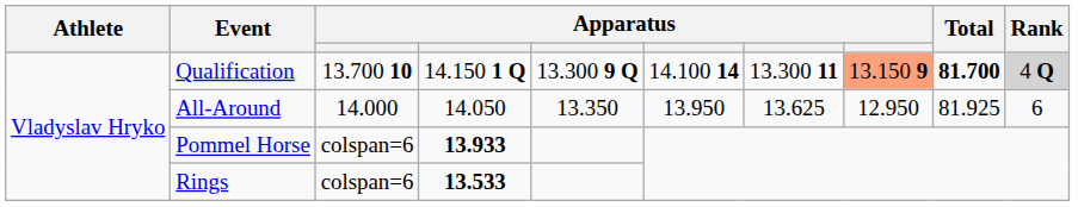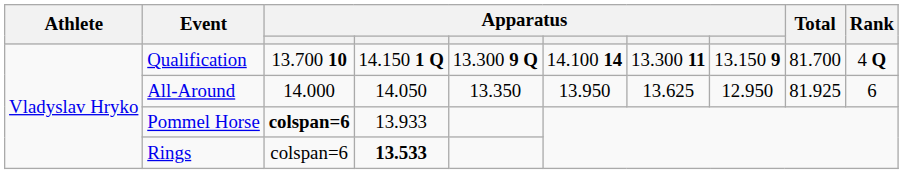 <table class="wikitable" style="font-size:90%">
 <tr>
 <th rowspan=2>Athlete</th>
 <th rowspan=2>Event</th>
 <th colspan =6>Apparatus</th>
 <th rowspan=2>Total</th>
 <th rowspan=2>Rank</th>
 </tr>
 <tr style="font-size:95%">
 <th></th>
 <th></th>
 <th></th>
 <th></th>
 <th></th>
 <th></th>
 </tr>
 <tr align=center>
 <td align=left rowspan=4><a href='#'>Vladyslav Hryko</a></td>
 <td align=left><a href='#'>Qualification</a></td>
 <td>13.700	<strong>10		</strong></td>
 <td>14.150	<strong>1 Q</strong></td>
 <td>13.300	<strong>9 Q</strong></td>
 <td>14.100	<strong>14</strong></td>
 <td>13.300	<strong>11</strong></td>
-<td style="background: lightsalmon;">13.150	<strong>9</strong></td>
-<td><strong>81.700</strong></td>
-<td style="background: lightgrey;">4 <strong>Q</strong></td>
+<td>13.150	<strong>9</strong></td>
+<td>81.700</td>
+<td>4 <strong>Q</strong></td>
 </tr>
 <tr align=center>
 <td align=left><a href='#'>All-Around</a></td>
 <td>14.000</td>
 <td>14.050</td>
 <td>13.350</td>
 <td>13.950</td>
 <td>13.625</td>
 <td>12.950</td>
 <td>81.925</td>
 <td>6</td>
 </tr>
 <tr align=center>
 <td align=left><a href='#'>Pommel Horse</a></td>
-<td>colspan=6 </td>
-<td><strong>13.933</strong></td>
+<td><strong>colspan=6 </strong></td>
+<td>13.933</td>
 <td></td>
 </tr>
 <tr align=center>
 <td align=left><a href='#'>Rings</a></td>
 <td>colspan=6 </td>
 <td><strong>13.533</strong></td>
 <td></td>
 </tr>
 </table>
